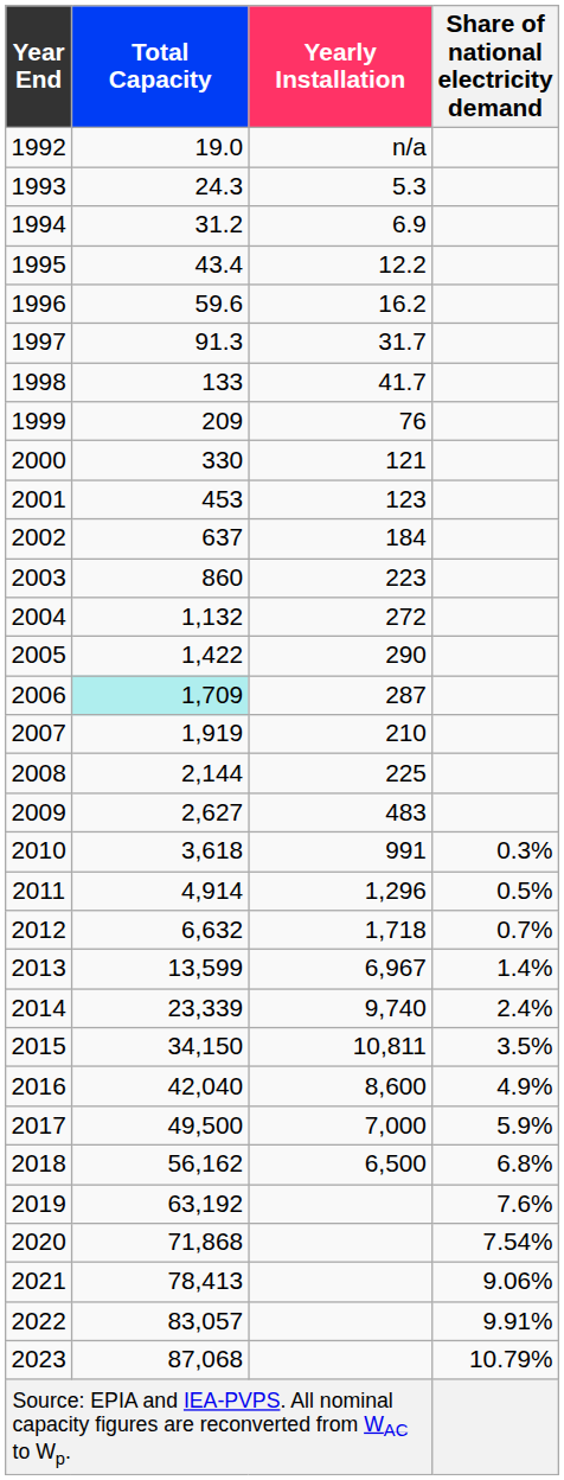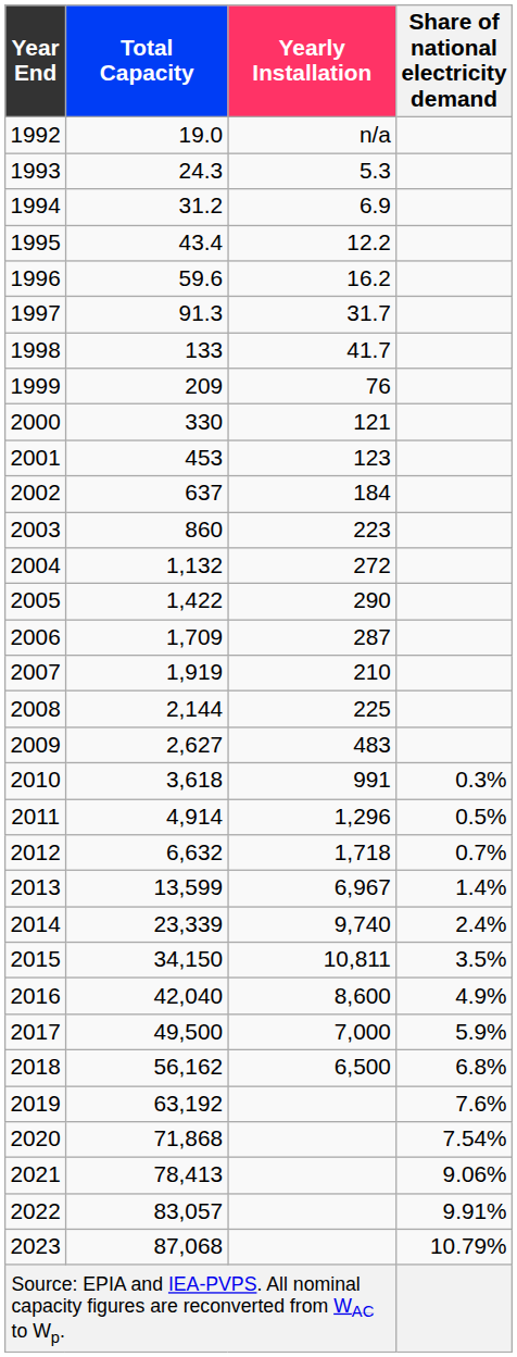 <table class="wikitable floatleft" style="text-align: right; max-width: 360px;">
 <tr>
 <th style="background-color: #333; color: white;">Year<br>End</th>
 <th style="background-color: #003DF5; color: white; width: 120px;">Total<br>Capacity</th>
 <th style="background-color:#FF3366; color:  white; width: 120px;">Yearly<br>Installation</th>
 <th>Share of national electricity demand</th>
 </tr>
 <tr>
 <td align=center>1992</td>
 <td>19.0</td>
 <td>n/a</td>
 <td></td>
 </tr>
 <tr>
 <td align=center>1993</td>
 <td>24.3</td>
 <td>5.3</td>
 <td></td>
 </tr>
 <tr>
 <td align=center>1994</td>
 <td>31.2</td>
 <td>6.9</td>
 <td></td>
 </tr>
 <tr>
 <td align=center>1995</td>
 <td>43.4</td>
 <td>12.2</td>
 <td></td>
 </tr>
 <tr>
 <td align=center>1996</td>
 <td>59.6</td>
 <td>16.2</td>
 <td></td>
 </tr>
 <tr>
 <td align=center>1997</td>
 <td>91.3</td>
 <td>31.7</td>
 <td></td>
 </tr>
 <tr>
 <td align=center>1998</td>
 <td>133</td>
 <td>41.7</td>
 <td></td>
 </tr>
 <tr>
 <td align=center>1999</td>
 <td>209</td>
 <td>76</td>
 <td></td>
 </tr>
 <tr>
 <td align=center>2000</td>
 <td>330</td>
 <td>121</td>
 <td></td>
 </tr>
 <tr>
 <td align=center>2001</td>
 <td>453</td>
 <td>123</td>
 <td></td>
 </tr>
 <tr>
 <td align=center>2002</td>
 <td>637</td>
 <td>184</td>
 <td></td>
 </tr>
 <tr>
 <td align=center>2003</td>
 <td>860</td>
 <td>223</td>
 <td></td>
 </tr>
 <tr>
 <td align=center>2004</td>
 <td>1,132</td>
 <td>272</td>
 <td></td>
 </tr>
 <tr>
 <td align=center>2005</td>
 <td>1,422</td>
 <td>290</td>
 <td></td>
 </tr>
 <tr>
 <td align=center>2006</td>
-<td style="background: paleturquoise;">1,709</td>
+<td>1,709</td>
 <td>287</td>
 <td></td>
 </tr>
 <tr>
 <td align=center>2007</td>
 <td>1,919</td>
 <td>210</td>
 <td></td>
 </tr>
 <tr>
 <td align=center>2008</td>
 <td>2,144</td>
 <td>225</td>
 <td></td>
 </tr>
 <tr>
 <td align=center>2009</td>
 <td>2,627</td>
 <td>483</td>
 <td></td>
 </tr>
 <tr>
 <td align=center>2010</td>
 <td>3,618</td>
 <td>991</td>
 <td>0.3%</td>
 </tr>
 <tr>
 <td align=center>2011</td>
 <td>4,914</td>
 <td>1,296</td>
 <td>0.5%</td>
 </tr>
 <tr>
 <td align=center>2012</td>
 <td>6,632</td>
 <td>1,718</td>
 <td>0.7%</td>
 </tr>
 <tr>
 <td align=center>2013</td>
 <td>13,599</td>
 <td>6,967</td>
 <td>1.4%</td>
 </tr>
 <tr>
 <td align=center>2014</td>
 <td>23,339</td>
 <td>9,740</td>
 <td>2.4%</td>
 </tr>
 <tr>
 <td align=center>2015</td>
 <td>34,150</td>
 <td>10,811</td>
 <td>3.5%</td>
 </tr>
 <tr>
 <td align=center>2016</td>
 <td>42,040</td>
 <td>8,600</td>
 <td>4.9%</td>
 </tr>
 <tr>
 <td align=center>2017</td>
 <td>49,500</td>
 <td>7,000</td>
 <td>5.9%</td>
 </tr>
 <tr>
 <td align=center>2018</td>
 <td>56,162</td>
 <td>6,500</td>
 <td>6.8%</td>
 </tr>
 <tr>
 <td>2019</td>
 <td>63,192</td>
 <td></td>
 <td>7.6%</td>
 </tr>
 <tr>
 <td>2020</td>
 <td>71,868</td>
 <td></td>
 <td>7.54%</td>
 </tr>
 <tr>
 <td>2021</td>
 <td>78,413</td>
 <td></td>
 <td>9.06%</td>
 </tr>
 <tr>
 <td>2022</td>
 <td>83,057</td>
 <td></td>
 <td>9.91%</td>
 </tr>
 <tr>
 <td>2023</td>
 <td>87,068</td>
 <td></td>
 <td>10.79%</td>
 </tr>
 <tr>
 <th colspan=3 style="font-weight: normal; font-size: 0.85em; text-align: left; padding: 6px 2px 4px 4px;">Source: EPIA and <a href='#'>IEA-PVPS</a>. All nominal capacity figures are reconverted from <a href='#'>W<sub>AC</sub></a> to W<sub>p</sub>.</th>
 <th></th>
 </tr>
 </table>
